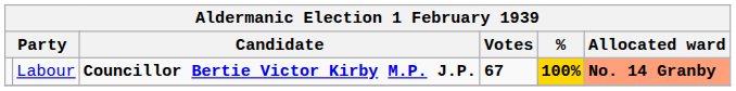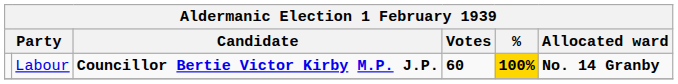 <table class="wikitable">
 <tr>
 <th colspan="6"><strong>Aldermanic Election 1 February 1939</strong></th>
 </tr>
 <tr>
 <th colspan="2">Party</th>
 <th>Candidate</th>
 <th>Votes</th>
 <th>%</th>
 <th>Allocated ward</th>
 </tr>
 <tr>
 <td style="background-color:"></td>
 <td><a href='#'>Labour</a></td>
 <td><strong>Councillor <a href='#'>Bertie Victor Kirby</a> <a href='#'>M.P.</a> J.P.</strong></td>
-<td><strong>67</strong></td>
+<td><strong>60</strong></td>
 <td style="background: gold;"><strong>100%</strong></td>
-<td style="background: lightsalmon;"><strong>No. 14 Granby</strong></td>
+<td><strong>No. 14 Granby</strong></td>
 </tr>
 <tr>
 </tr>
 </table>
